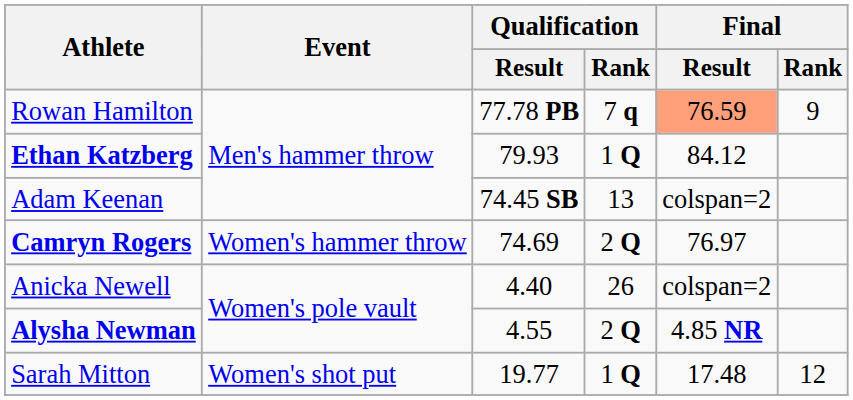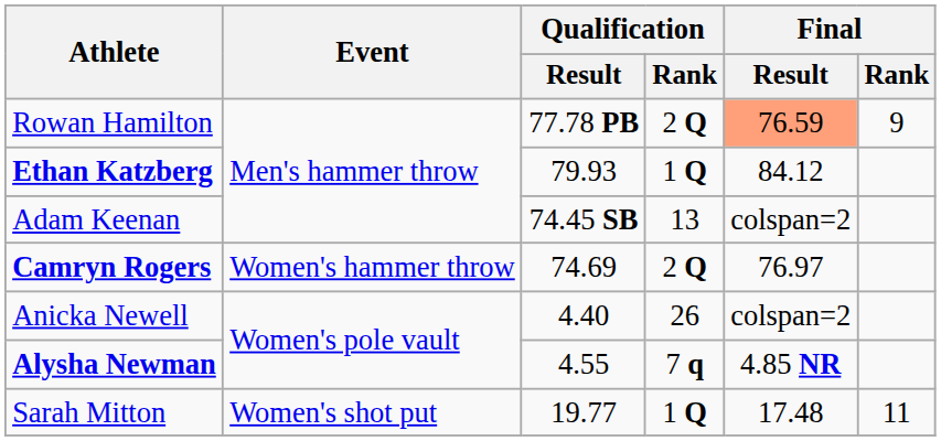 <table class=wikitable style="font-size:90%">
 <tr>
 <th rowspan=2>Athlete</th>
 <th rowspan=2>Event</th>
 <th colspan=2>Qualification</th>
 <th colspan=2>Final</th>
 </tr>
 <tr style="font-size:95%">
 <th>Result</th>
 <th>Rank</th>
 <th>Result</th>
 <th>Rank</th>
 </tr>
 <tr align=center>
 <td align=left><a href='#'>Rowan Hamilton</a></td>
 <td align=left rowspan=3><a href='#'>Men's hammer throw</a></td>
 <td>77.78 <strong>PB</strong></td>
-<td>7 <strong>q</strong></td>
+<td>2 <strong>Q</strong></td>
 <td style="background: lightsalmon;">76.59</td>
 <td>9</td>
 </tr>
 <tr align=center>
 <td align=left><strong><a href='#'>Ethan Katzberg</a></strong></td>
 <td>79.93</td>
 <td>1 <strong>Q</strong></td>
 <td>84.12</td>
 <td></td>
 </tr>
 <tr align=center>
 <td align=left><a href='#'>Adam Keenan</a></td>
 <td>74.45 <strong>SB</strong></td>
 <td>13</td>
 <td>colspan=2 </td>
 </tr>
 <tr align=center>
 <td align=left><strong><a href='#'>Camryn Rogers</a></strong></td>
 <td align=left><a href='#'>Women's hammer throw</a></td>
 <td>74.69</td>
 <td>2 <strong>Q</strong></td>
 <td>76.97</td>
 <td></td>
 </tr>
 <tr align=center>
 <td align=left><a href='#'>Anicka Newell</a></td>
 <td align=left rowspan=2><a href='#'>Women's pole vault</a></td>
 <td>4.40</td>
 <td>26</td>
 <td>colspan=2 </td>
 </tr>
 <tr align=center>
 <td align=left><strong><a href='#'>Alysha Newman</a></strong></td>
 <td>4.55</td>
-<td>2 <strong>Q</strong></td>
+<td>7 <strong>q</strong></td>
 <td>4.85 <strong><a href='#'>NR</a></strong></td>
 <td></td>
 </tr>
 <tr align=center>
 <td align=left><a href='#'>Sarah Mitton</a></td>
 <td align=left><a href='#'>Women's shot put</a></td>
 <td>19.77</td>
 <td>1 <strong>Q</strong></td>
 <td>17.48</td>
-<td>12</td>
+<td>11</td>
 </tr>
 </table>
